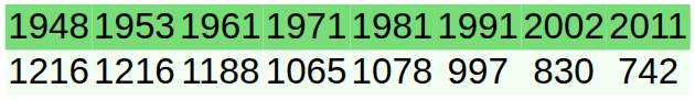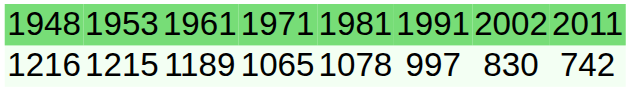 <table align="center" cellspacing="0" style="background:#f3fff3">
 <tr bgcolor="#77dd77">
 <td align="center">1948</td>
 <td align="center">1953</td>
 <td align="center">1961</td>
 <td align="center">1971</td>
 <td align="center">1981</td>
 <td align="center">1991</td>
 <td align="center">2002</td>
 <td align="center">2011</td>
 </tr>
 <tr>
 <td align="center">1216</td>
-<td align="center">1216</td>
-<td align="center">1188</td>
+<td align="center">1215</td>
+<td align="center">1189</td>
 <td align="center">1065</td>
 <td align="center">1078</td>
 <td align="center">997</td>
 <td align="center">830</td>
 <td align="center">742</td>
 </tr>
 </table>
